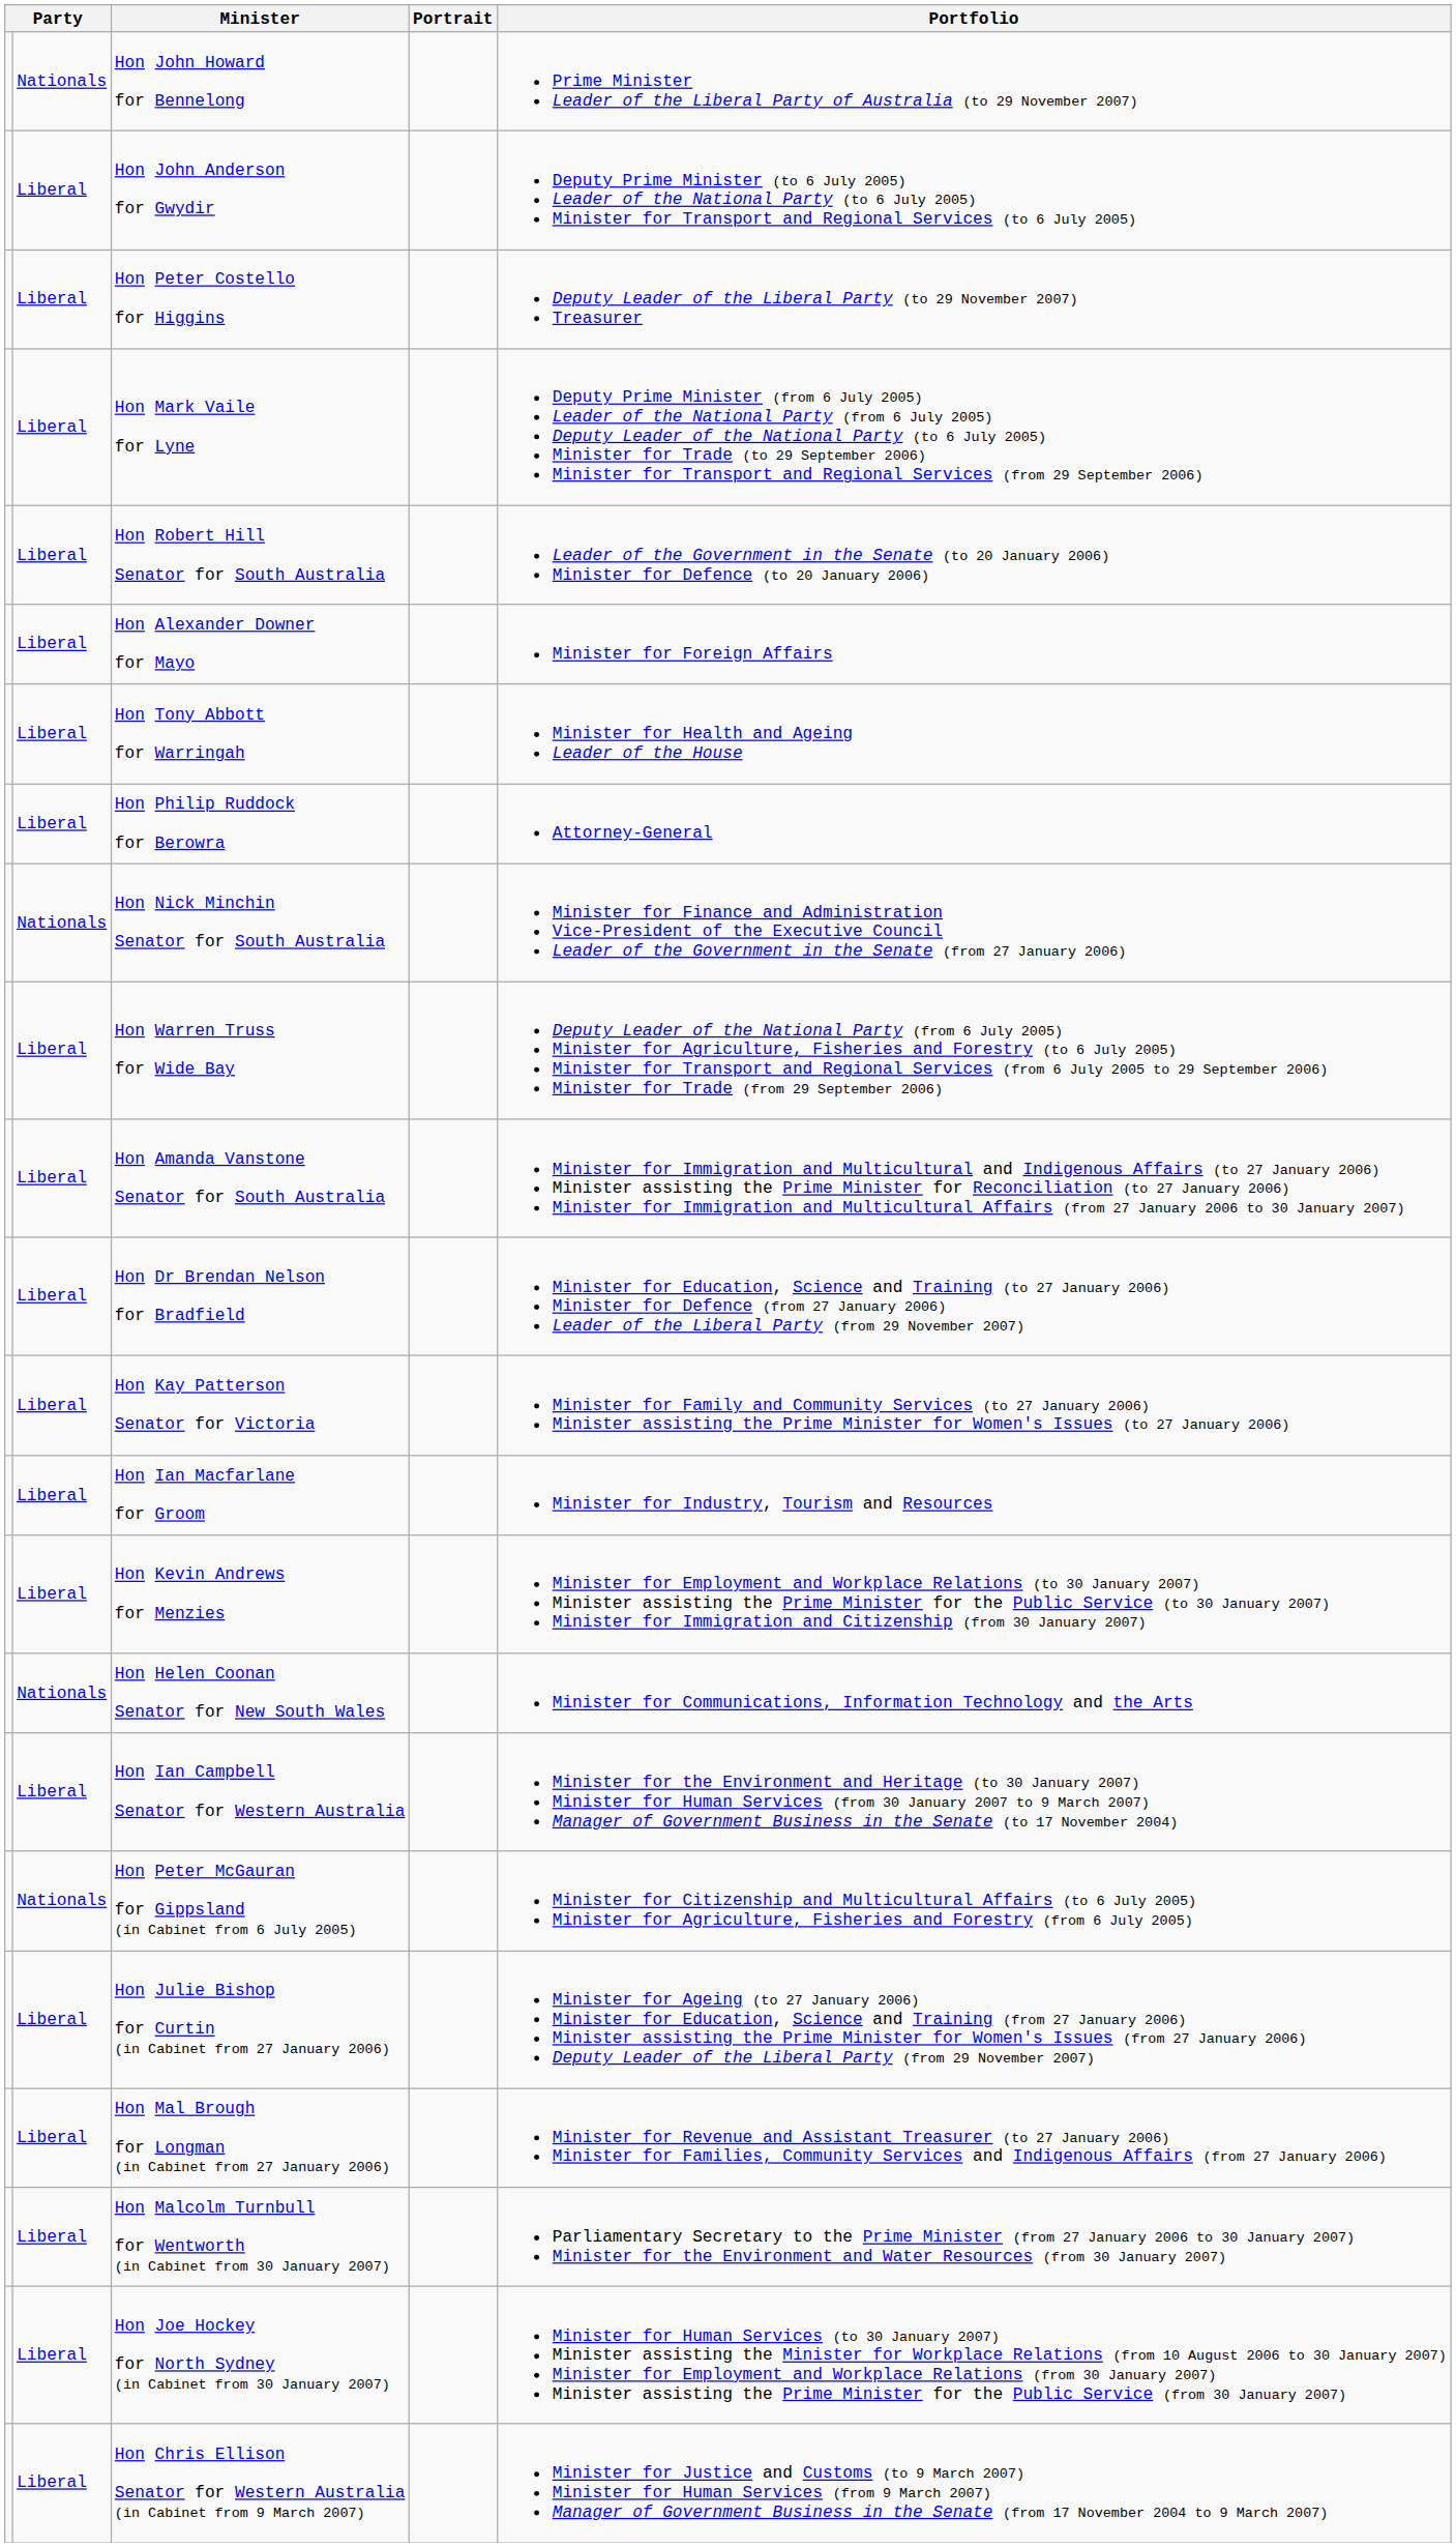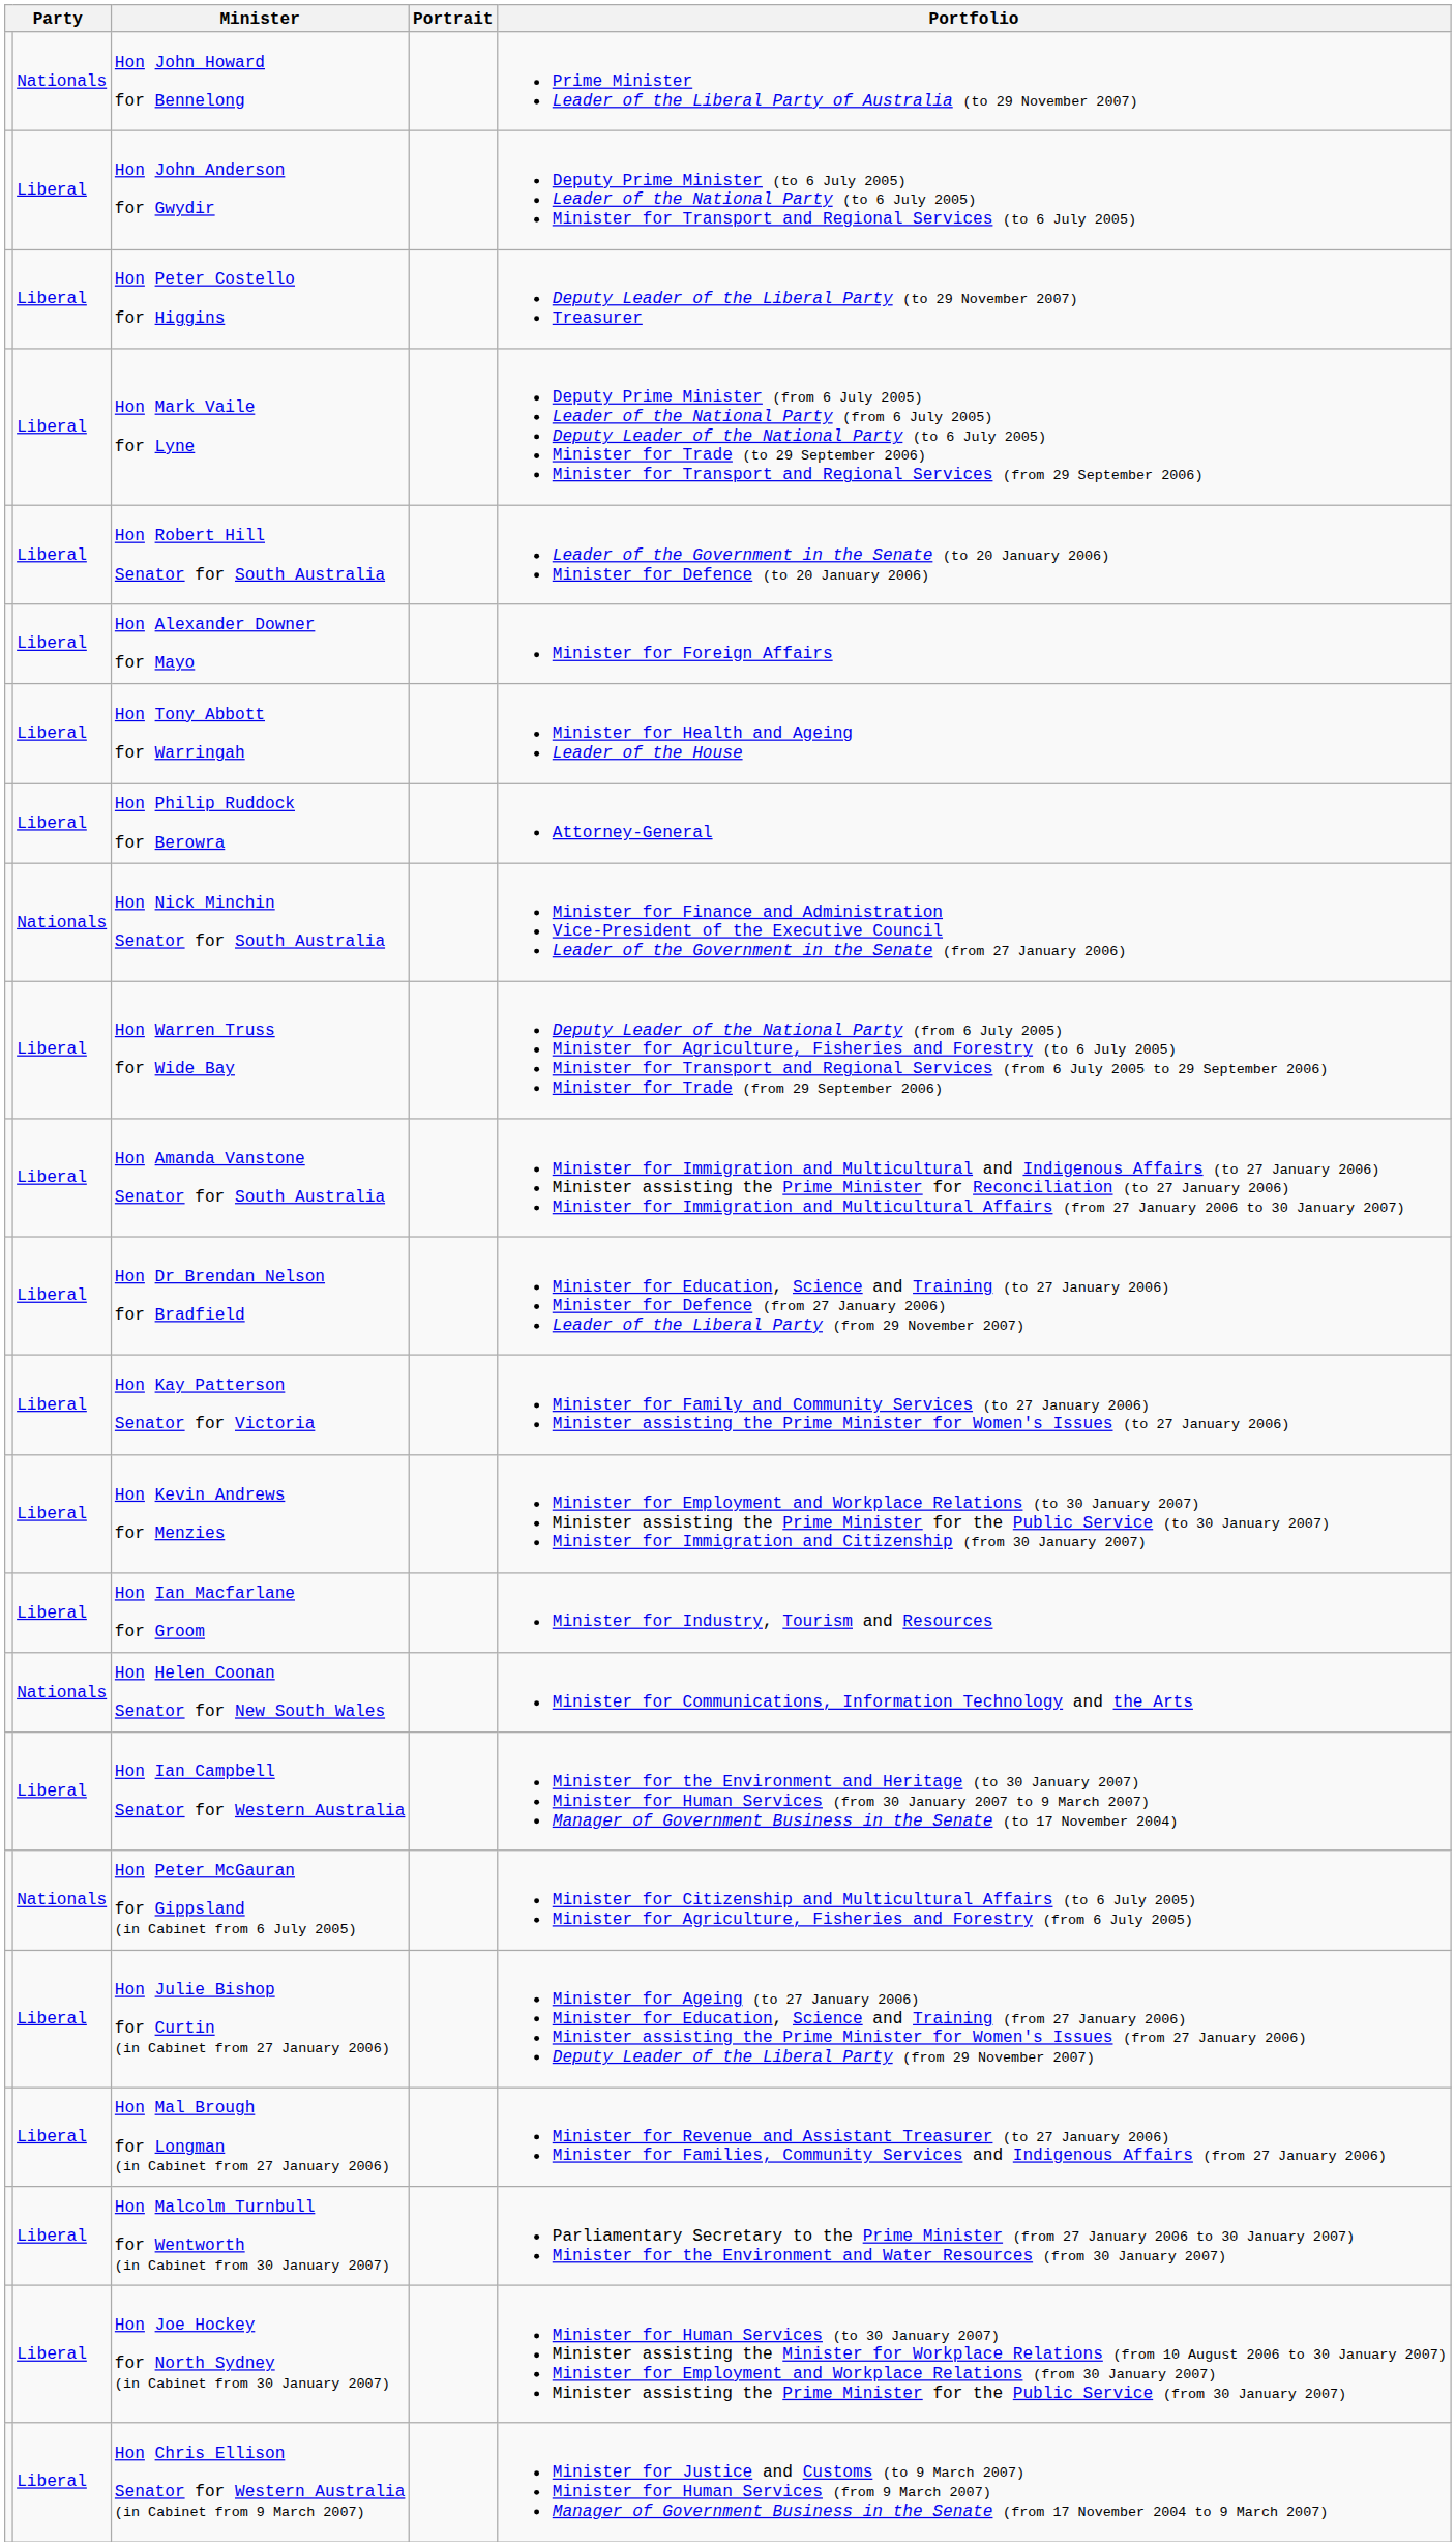 <table class="wikitable sortable">
 <tr>
 <th colspan="2">Party</th>
 <th>Minister</th>
 <th>Portrait</th>
 <th>Portfolio</th>
 </tr>
 <tr>
 <td></td>
 <td><a href='#'>Nationals</a></td>
 <td><a href='#'>Hon</a> <a href='#'>John Howard</a> <br><br> for <a href='#'>Bennelong</a> <br></td>
 <td></td>
 <td><br><ul><li><a href='#'>Prime Minister</a></li><li><em><a href='#'>Leader of the Liberal Party of Australia</a></em> <small>(to 29 November 2007)</small></li></ul></td>
 </tr>
 <tr>
 <td></td>
 <td><a href='#'>Liberal</a></td>
 <td><a href='#'>Hon</a> <a href='#'>John Anderson</a> <br><br> for <a href='#'>Gwydir</a> <br></td>
 <td></td>
 <td><br><ul><li><a href='#'>Deputy Prime Minister</a> <small>(to 6 July 2005)</small></li><li><em><a href='#'>Leader of the National Party</a></em> <small>(to 6 July 2005)</small></li><li><a href='#'>Minister for Transport and Regional Services</a> <small>(to 6 July 2005)</small></li></ul></td>
 </tr>
 <tr>
 <td></td>
 <td><a href='#'>Liberal</a></td>
 <td><a href='#'>Hon</a> <a href='#'>Peter Costello</a> <br><br> for <a href='#'>Higgins</a> <br></td>
 <td></td>
 <td><br><ul><li><em><a href='#'>Deputy Leader of the Liberal Party</a></em> <small>(to 29 November 2007)</small></li><li><a href='#'>Treasurer</a></li></ul></td>
 </tr>
 <tr>
 <td></td>
 <td><a href='#'>Liberal</a></td>
 <td><a href='#'>Hon</a> <a href='#'>Mark Vaile</a><br><br> for <a href='#'>Lyne</a> <br></td>
 <td></td>
 <td><br><ul><li><a href='#'>Deputy Prime Minister</a> <small>(from 6 July 2005)</small></li><li><em><a href='#'>Leader of the National Party</a></em> <small>(from 6 July 2005)</small></li><li><em><a href='#'>Deputy Leader of the National Party</a></em> <small>(to 6 July 2005)</small></li><li><a href='#'>Minister for Trade</a> <small>(to 29 September 2006)</small></li><li><a href='#'>Minister for Transport and Regional Services</a> <small>(from 29 September 2006)</small></li></ul></td>
 </tr>
 <tr>
 <td></td>
 <td><a href='#'>Liberal</a></td>
 <td><a href='#'>Hon</a> <a href='#'>Robert Hill</a> <br><br><a href='#'>Senator</a> for <a href='#'>South Australia</a> <br></td>
 <td></td>
 <td><br><ul><li><em><a href='#'>Leader of the Government in the Senate</a></em> <small>(to 20 January 2006)</small></li><li><a href='#'>Minister for Defence</a> <small>(to 20 January 2006)</small></li></ul></td>
 </tr>
 <tr>
 <td></td>
 <td><a href='#'>Liberal</a></td>
 <td><a href='#'>Hon</a> <a href='#'>Alexander Downer</a> <br><br> for <a href='#'>Mayo</a> <br></td>
 <td></td>
 <td><br><ul><li><a href='#'>Minister for Foreign Affairs</a></li></ul></td>
 </tr>
 <tr>
 <td></td>
 <td><a href='#'>Liberal</a></td>
 <td><a href='#'>Hon</a> <a href='#'>Tony Abbott</a> <br><br> for <a href='#'>Warringah</a> <br></td>
 <td></td>
 <td><br><ul><li><a href='#'>Minister for Health and Ageing</a></li><li><em><a href='#'>Leader of the House</a></em></li></ul></td>
 </tr>
 <tr>
 <td></td>
 <td><a href='#'>Liberal</a></td>
 <td><a href='#'>Hon</a> <a href='#'>Philip Ruddock</a> <br><br> for <a href='#'>Berowra</a> <br></td>
 <td></td>
 <td><br><ul><li><a href='#'>Attorney-General</a></li></ul></td>
 </tr>
 <tr>
 <td></td>
 <td><a href='#'>Nationals</a></td>
 <td><a href='#'>Hon</a> <a href='#'>Nick Minchin</a> <br><br><a href='#'>Senator</a> for <a href='#'>South Australia</a> <br></td>
 <td></td>
 <td><br><ul><li><a href='#'>Minister for Finance and Administration</a></li><li><a href='#'>Vice-President of the Executive Council</a></li><li><em><a href='#'>Leader of the Government in the Senate</a></em> <small>(from 27 January 2006)</small></li></ul></td>
 </tr>
 <tr>
 <td></td>
 <td><a href='#'>Liberal</a></td>
 <td><a href='#'>Hon</a> <a href='#'>Warren Truss</a> <br><br> for <a href='#'>Wide Bay</a> <br></td>
 <td></td>
 <td><br><ul><li><em><a href='#'>Deputy Leader of the National Party</a></em> <small>(from 6 July 2005)</small></li><li><a href='#'>Minister for Agriculture, Fisheries and Forestry</a> <small>(to 6 July 2005)</small></li><li><a href='#'>Minister for Transport and Regional Services</a> <small>(from 6 July 2005 to 29 September 2006)</small></li><li><a href='#'>Minister for Trade</a> <small>(from 29 September 2006)</small></li></ul></td>
 </tr>
 <tr>
 <td></td>
 <td><a href='#'>Liberal</a></td>
 <td><a href='#'>Hon</a> <a href='#'>Amanda Vanstone</a> <br><br><a href='#'>Senator</a> for <a href='#'>South Australia</a> <br></td>
 <td></td>
 <td><br><ul><li><a href='#'>Minister for Immigration and Multicultural</a> and <a href='#'>Indigenous Affairs</a> <small>(to 27 January 2006)</small></li><li>Minister assisting the <a href='#'>Prime Minister</a> for <a href='#'>Reconciliation</a> <small>(to 27 January 2006)</small></li><li><a href='#'>Minister for Immigration and Multicultural Affairs</a> <small>(from 27 January 2006 to 30 January 2007)</small></li></ul></td>
 </tr>
 <tr>
 <td></td>
 <td><a href='#'>Liberal</a></td>
 <td><a href='#'>Hon</a> <a href='#'>Dr Brendan Nelson</a> <br><br> for <a href='#'>Bradfield</a> <br></td>
 <td></td>
 <td><br><ul><li><a href='#'>Minister for Education</a>, <a href='#'>Science</a> and <a href='#'>Training</a> <small>(to 27 January 2006)</small></li><li><a href='#'>Minister for Defence</a> <small>(from 27 January 2006)</small></li><li><em><a href='#'>Leader of the Liberal Party</a></em> <small>(from 29 November 2007)</small></li></ul></td>
 </tr>
 <tr>
 <td></td>
 <td><a href='#'>Liberal</a></td>
 <td><a href='#'>Hon</a> <a href='#'>Kay Patterson</a> <br><br><a href='#'>Senator</a> for <a href='#'>Victoria</a> <br></td>
 <td></td>
 <td><br><ul><li><a href='#'>Minister for Family and Community Services</a> <small>(to 27 January 2006)</small></li><li><a href='#'>Minister assisting the Prime Minister for Women's Issues</a> <small>(to 27 January 2006)</small></li></ul></td>
 </tr>
 <tr>
 <td></td>
 <td><a href='#'>Liberal</a></td>
-<td><a href='#'>Hon</a> <a href='#'>Ian Macfarlane</a> <br><br> for <a href='#'>Groom</a> <br></td>
+<td><a href='#'>Hon</a> <a href='#'>Kevin Andrews</a> <br><br> for <a href='#'>Menzies</a> <br></td>
 <td></td>
-<td><br><ul><li><a href='#'>Minister for Industry</a>, <a href='#'>Tourism</a> and <a href='#'>Resources</a></li></ul></td>
+<td><br><ul><li><a href='#'>Minister for Employment and Workplace Relations</a> <small>(to 30 January 2007)</small></li><li>Minister assisting the <a href='#'>Prime Minister</a> for the <a href='#'>Public Service</a> <small>(to 30 January 2007)</small></li><li><a href='#'>Minister for Immigration and Citizenship</a> <small>(from 30 January 2007)</small></li></ul></td>
 </tr>
 <tr>
 <td></td>
 <td><a href='#'>Liberal</a></td>
-<td><a href='#'>Hon</a> <a href='#'>Kevin Andrews</a> <br><br> for <a href='#'>Menzies</a> <br></td>
+<td><a href='#'>Hon</a> <a href='#'>Ian Macfarlane</a> <br><br> for <a href='#'>Groom</a> <br></td>
 <td></td>
-<td><br><ul><li><a href='#'>Minister for Employment and Workplace Relations</a> <small>(to 30 January 2007)</small></li><li>Minister assisting the <a href='#'>Prime Minister</a> for the <a href='#'>Public Service</a> <small>(to 30 January 2007)</small></li><li><a href='#'>Minister for Immigration and Citizenship</a> <small>(from 30 January 2007)</small></li></ul></td>
+<td><br><ul><li><a href='#'>Minister for Industry</a>, <a href='#'>Tourism</a> and <a href='#'>Resources</a></li></ul></td>
 </tr>
 <tr>
 <td></td>
 <td><a href='#'>Nationals</a></td>
 <td><a href='#'>Hon</a> <a href='#'>Helen Coonan</a> <br><br><a href='#'>Senator</a> for <a href='#'>New South Wales</a> <br></td>
 <td></td>
 <td><br><ul><li><a href='#'>Minister for Communications, Information Technology</a> and <a href='#'>the Arts</a></li></ul></td>
 </tr>
 <tr>
 <td></td>
 <td><a href='#'>Liberal</a></td>
 <td><a href='#'>Hon</a> <a href='#'>Ian Campbell</a> <br><br><a href='#'>Senator</a> for <a href='#'>Western Australia</a> <br></td>
 <td></td>
 <td><br><ul><li><a href='#'>Minister for the Environment and Heritage</a> <small>(to 30 January 2007)</small></li><li><a href='#'>Minister for Human Services</a> <small>(from 30 January 2007 to 9 March 2007)</small></li><li><em><a href='#'>Manager of Government Business in the Senate</a></em> <small>(to 17 November 2004)</small></li></ul></td>
 </tr>
 <tr>
 <td></td>
 <td><a href='#'>Nationals</a></td>
 <td><a href='#'>Hon</a> <a href='#'>Peter McGauran</a> <br><br> for <a href='#'>Gippsland</a> <br> <small>(in Cabinet from 6 July 2005)</small></td>
 <td></td>
 <td><br><ul><li><a href='#'>Minister for Citizenship and Multicultural Affairs</a> <small>(to 6 July 2005)</small></li><li><a href='#'>Minister for Agriculture, Fisheries and Forestry</a> <small>(from 6 July 2005)</small></li></ul></td>
 </tr>
 <tr>
 <td></td>
 <td><a href='#'>Liberal</a></td>
 <td><a href='#'>Hon</a> <a href='#'>Julie Bishop</a> <br><br> for <a href='#'>Curtin</a> <br> <small>(in Cabinet from 27 January 2006)</small></td>
 <td></td>
 <td><br><ul><li><a href='#'>Minister for Ageing</a> <small>(to 27 January 2006)</small></li><li><a href='#'>Minister for Education</a>, <a href='#'>Science</a> and <a href='#'>Training</a> <small>(from 27 January 2006)</small></li><li><a href='#'>Minister assisting the Prime Minister for Women's Issues</a> <small>(from 27 January 2006)</small></li><li><em><a href='#'>Deputy Leader of the Liberal Party</a></em> <small>(from 29 November 2007)</small></li></ul></td>
 </tr>
 <tr>
 <td></td>
 <td><a href='#'>Liberal</a></td>
 <td><a href='#'>Hon</a> <a href='#'>Mal Brough</a> <br><br> for <a href='#'>Longman</a> <br> <small>(in Cabinet from 27 January 2006)</small></td>
 <td></td>
 <td><br><ul><li><a href='#'>Minister for Revenue and Assistant Treasurer</a> <small>(to 27 January 2006)</small></li><li><a href='#'>Minister for Families, Community Services</a> and <a href='#'>Indigenous Affairs</a> <small>(from 27 January 2006)</small></li></ul></td>
 </tr>
 <tr>
 <td></td>
 <td><a href='#'>Liberal</a></td>
 <td><a href='#'>Hon</a> <a href='#'>Malcolm Turnbull</a> <br><br> for <a href='#'>Wentworth</a> <br> <small>(in Cabinet from 30 January 2007)</small></td>
 <td></td>
 <td><br><ul><li>Parliamentary Secretary to the <a href='#'>Prime Minister</a> <small>(from 27 January 2006 to 30 January 2007)</small></li><li><a href='#'>Minister for the Environment and Water Resources</a> <small>(from 30 January 2007)</small></li></ul></td>
 </tr>
 <tr>
 <td></td>
 <td><a href='#'>Liberal</a></td>
 <td><a href='#'>Hon</a> <a href='#'>Joe Hockey</a> <br><br> for <a href='#'>North Sydney</a> <br> <small>(in Cabinet from 30 January 2007)</small></td>
 <td></td>
 <td><br><ul><li><a href='#'>Minister for Human Services</a> <small>(to 30 January 2007)</small></li><li>Minister assisting the <a href='#'>Minister for Workplace Relations</a> <small>(from 10 August 2006 to 30 January 2007)</small></li><li><a href='#'>Minister for Employment and Workplace Relations</a> <small>(from 30 January 2007)</small></li><li>Minister assisting the <a href='#'>Prime Minister</a> for the <a href='#'>Public Service</a> <small>(from 30 January 2007)</small></li></ul></td>
 </tr>
 <tr>
 <td></td>
 <td><a href='#'>Liberal</a></td>
 <td><a href='#'>Hon</a> <a href='#'>Chris Ellison</a> <br><br><a href='#'>Senator</a> for <a href='#'>Western Australia</a> <br> <small>(in Cabinet from 9 March 2007)</small></td>
 <td></td>
 <td><br><ul><li><a href='#'>Minister for Justice</a> and <a href='#'>Customs</a> <small>(to 9 March 2007)</small></li><li><a href='#'>Minister for Human Services</a> <small>(from 9 March 2007)</small></li><li><em><a href='#'>Manager of Government Business in the Senate</a></em> <small>(from 17 November 2004 to 9 March 2007)</small></li></ul></td>
 </tr>
 </table>
